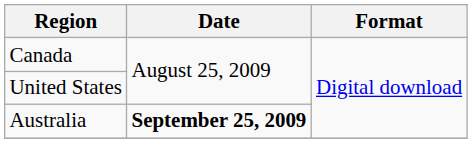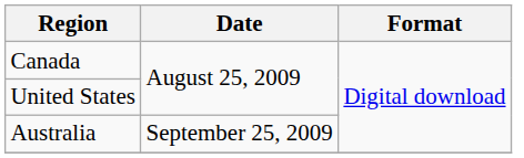 <table class="wikitable">
 <tr>
 <th>Region</th>
 <th>Date</th>
 <th>Format</th>
 </tr>
 <tr>
 <td>Canada</td>
 <td rowspan=2>August 25, 2009</td>
 <td rowspan="3"><a href='#'>Digital download</a></td>
 </tr>
 <tr>
 <td>United States</td>
 </tr>
 <tr>
 <td>Australia</td>
-<td rowspan=1><strong>September 25, 2009</strong></td>
+<td rowspan=1>September 25, 2009</td>
 </tr>
 <tr>
 </tr>
 </table>
